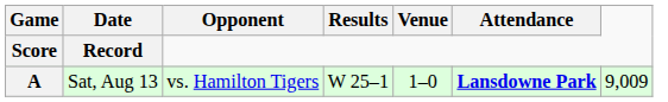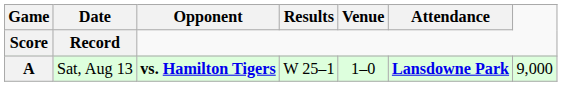 <table class="wikitable" style="text-align:center">
 <tr>
 <th>Game</th>
 <th>Date</th>
 <th>Opponent</th>
 <th>Results</th>
 <th>Venue</th>
 <th>Attendance</th>
 </tr>
 <tr>
 <th>Score</th>
 <th>Record</th>
 </tr>
 <tr style="background:#ddffdd">
 <th>A</th>
 <td>Sat, Aug 13</td>
-<td>vs. <a href='#'>Hamilton Tigers</a></td>
+<td><strong>vs. <a href='#'>Hamilton Tigers</a></strong></td>
 <td>W 25–1</td>
 <td>1–0</td>
 <td><strong><a href='#'>Lansdowne Park</a></strong></td>
-<td>9,009</td>
+<td>9,000</td>
 </tr>
 </table>
